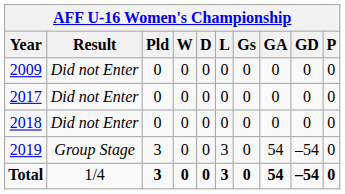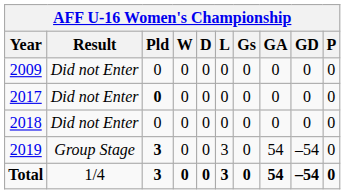 <table class="wikitable" style="text-align: center;font-size:90%;">
 <tr>
 <th colspan=10><a href='#'>AFF U-16 Women's Championship</a></th>
 </tr>
 <tr>
 <th>Year</th>
 <th>Result</th>
 <th>Pld</th>
 <th>W</th>
 <th>D</th>
 <th>L</th>
 <th>Gs</th>
 <th>GA</th>
 <th>GD</th>
 <th>P</th>
 </tr>
 <tr>
 <td> <a href='#'>2009</a></td>
 <td><em>Did not Enter</em></td>
 <td>0</td>
 <td>0</td>
 <td>0</td>
 <td>0</td>
 <td>0</td>
 <td>0</td>
 <td>0</td>
 <td>0</td>
 </tr>
 <tr>
 <td> <a href='#'>2017</a></td>
 <td><em>Did not Enter</em></td>
-<td>0</td>
+<td><strong>0</strong></td>
 <td>0</td>
 <td>0</td>
 <td>0</td>
 <td>0</td>
 <td>0</td>
 <td>0</td>
 <td>0</td>
 </tr>
 <tr>
 <td> <a href='#'>2018</a></td>
 <td><em>Did not Enter</em></td>
 <td>0</td>
 <td>0</td>
 <td>0</td>
 <td>0</td>
 <td>0</td>
 <td>0</td>
 <td>0</td>
 <td>0</td>
 </tr>
 <tr>
 <td> <a href='#'>2019</a></td>
 <td><em>Group Stage</em></td>
-<td>3</td>
+<td><strong>3</strong></td>
 <td>0</td>
 <td>0</td>
 <td>3</td>
 <td>0</td>
 <td>54</td>
 <td>–54</td>
 <td>0</td>
 </tr>
 <tr>
 <td><strong>Total</strong></td>
 <td>1/4</td>
 <td><strong>3</strong></td>
 <td><strong>0</strong></td>
 <td><strong>0</strong></td>
 <td><strong>3</strong></td>
 <td><strong>0</strong></td>
 <td><strong>54</strong></td>
 <td><strong>–54</strong></td>
 <td><strong>0</strong></td>
 </tr>
 </table>
